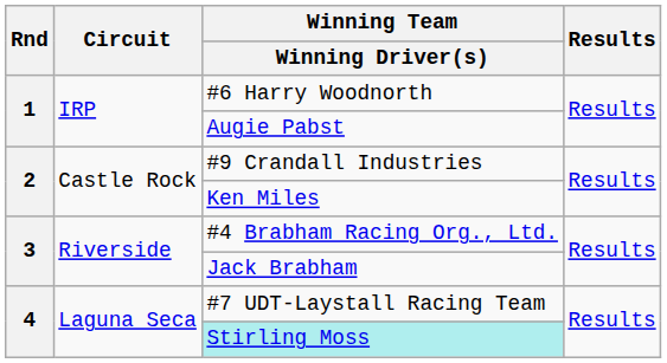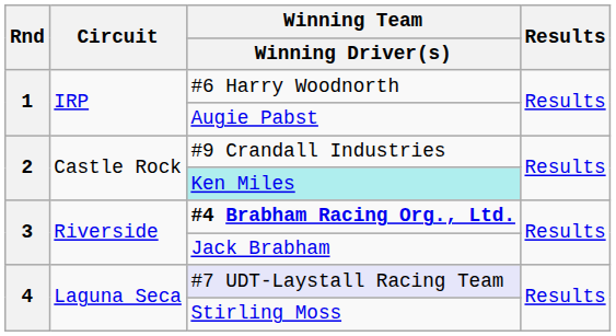 <table class="wikitable" style="font-size: 90%;">
 <tr>
 <th rowspan=2>Rnd</th>
 <th rowspan=2>Circuit</th>
 <th>Winning Team</th>
 <th rowspan=2>Results</th>
 </tr>
 <tr>
 <th>Winning Driver(s)</th>
 </tr>
 <tr>
 <th rowspan=2>1</th>
 <td rowspan=2><a href='#'>IRP</a></td>
 <td>#6 Harry Woodnorth</td>
 <td rowspan=2><a href='#'>Results</a></td>
 </tr>
 <tr>
 <td> <a href='#'>Augie Pabst</a></td>
 </tr>
 <tr>
 <th rowspan=2>2</th>
 <td rowspan=2>Castle Rock</td>
 <td>#9 Crandall Industries</td>
 <td rowspan=2><a href='#'>Results</a></td>
 </tr>
 <tr>
-<td> <a href='#'>Ken Miles</a></td>
+<td style="background: paleturquoise;"> <a href='#'>Ken Miles</a></td>
 </tr>
 <tr>
 <th rowspan=2>3</th>
 <td rowspan=2><a href='#'>Riverside</a></td>
-<td>#4 <a href='#'>Brabham Racing Org., Ltd.</a></td>
+<td><strong>#4 <a href='#'>Brabham Racing Org., Ltd.</a></strong></td>
 <td rowspan=2><a href='#'>Results</a></td>
 </tr>
 <tr>
 <td> <a href='#'>Jack Brabham</a></td>
 </tr>
 <tr>
 <th rowspan=2>4</th>
 <td rowspan=2><a href='#'>Laguna Seca</a></td>
-<td>#7 UDT-Laystall Racing Team</td>
+<td style="background: lavender;">#7 UDT-Laystall Racing Team</td>
 <td rowspan=2><a href='#'>Results</a></td>
 </tr>
 <tr>
-<td style="background: paleturquoise;"> <a href='#'>Stirling Moss</a></td>
+<td> <a href='#'>Stirling Moss</a></td>
 </tr>
 </table>
